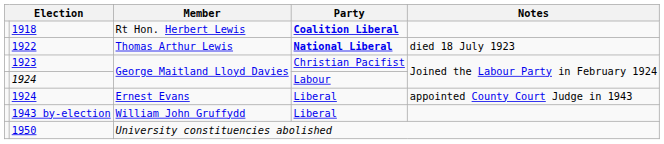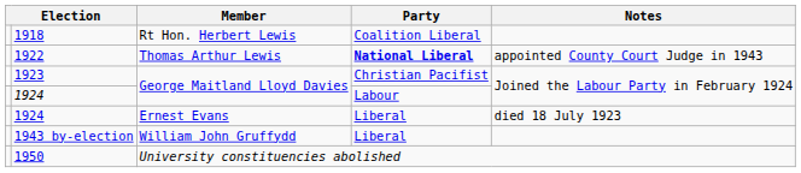 <table class="wikitable">
 <tr>
 <th colspan="2">Election</th>
 <th>Member</th>
 <th>Party</th>
 <th>Notes</th>
 </tr>
 <tr>
 <td style="color:inherit;background-color: "></td>
 <td><a href='#'>1918</a></td>
 <td>Rt Hon. <a href='#'>Herbert Lewis</a></td>
-<td><strong><a href='#'>Coalition Liberal</a></strong></td>
+<td><a href='#'>Coalition Liberal</a></td>
 </tr>
 <tr>
 <td style="color:inherit;background-color: "></td>
 <td><a href='#'>1922</a></td>
 <td><a href='#'>Thomas Arthur Lewis</a></td>
 <td><strong><a href='#'>National Liberal</a></strong></td>
-<td>died 18 July 1923</td>
+<td>appointed <a href='#'>County Court</a> Judge in 1943</td>
 </tr>
 <tr>
 <td style="color:inherit;background-color: white"></td>
 <td><a href='#'>1923</a></td>
 <td rowspan="2"><a href='#'>George Maitland Lloyd Davies</a></td>
 <td><a href='#'>Christian Pacifist</a></td>
 <td rowspan="2">Joined the <a href='#'>Labour Party</a> in February 1924</td>
 </tr>
 <tr>
 <td style="color:inherit;background-color: "></td>
 <td><em>1924</em></td>
 <td><a href='#'>Labour</a></td>
 </tr>
 <tr>
 <td style="color:inherit;background-color: "></td>
 <td><a href='#'>1924</a></td>
 <td><a href='#'>Ernest Evans</a></td>
 <td><a href='#'>Liberal</a></td>
-<td>appointed <a href='#'>County Court</a> Judge in 1943</td>
+<td>died 18 July 1923</td>
 </tr>
 <tr>
 <td style="color:inherit;background-color: "></td>
 <td><a href='#'>1943 by-election</a></td>
 <td><a href='#'>William John Gruffydd</a></td>
 <td><a href='#'>Liberal</a></td>
 </tr>
 <tr>
 <td></td>
 <td><a href='#'>1950</a></td>
 <td colspan="3"><em>University constituencies abolished</em></td>
 </tr>
 </table>
